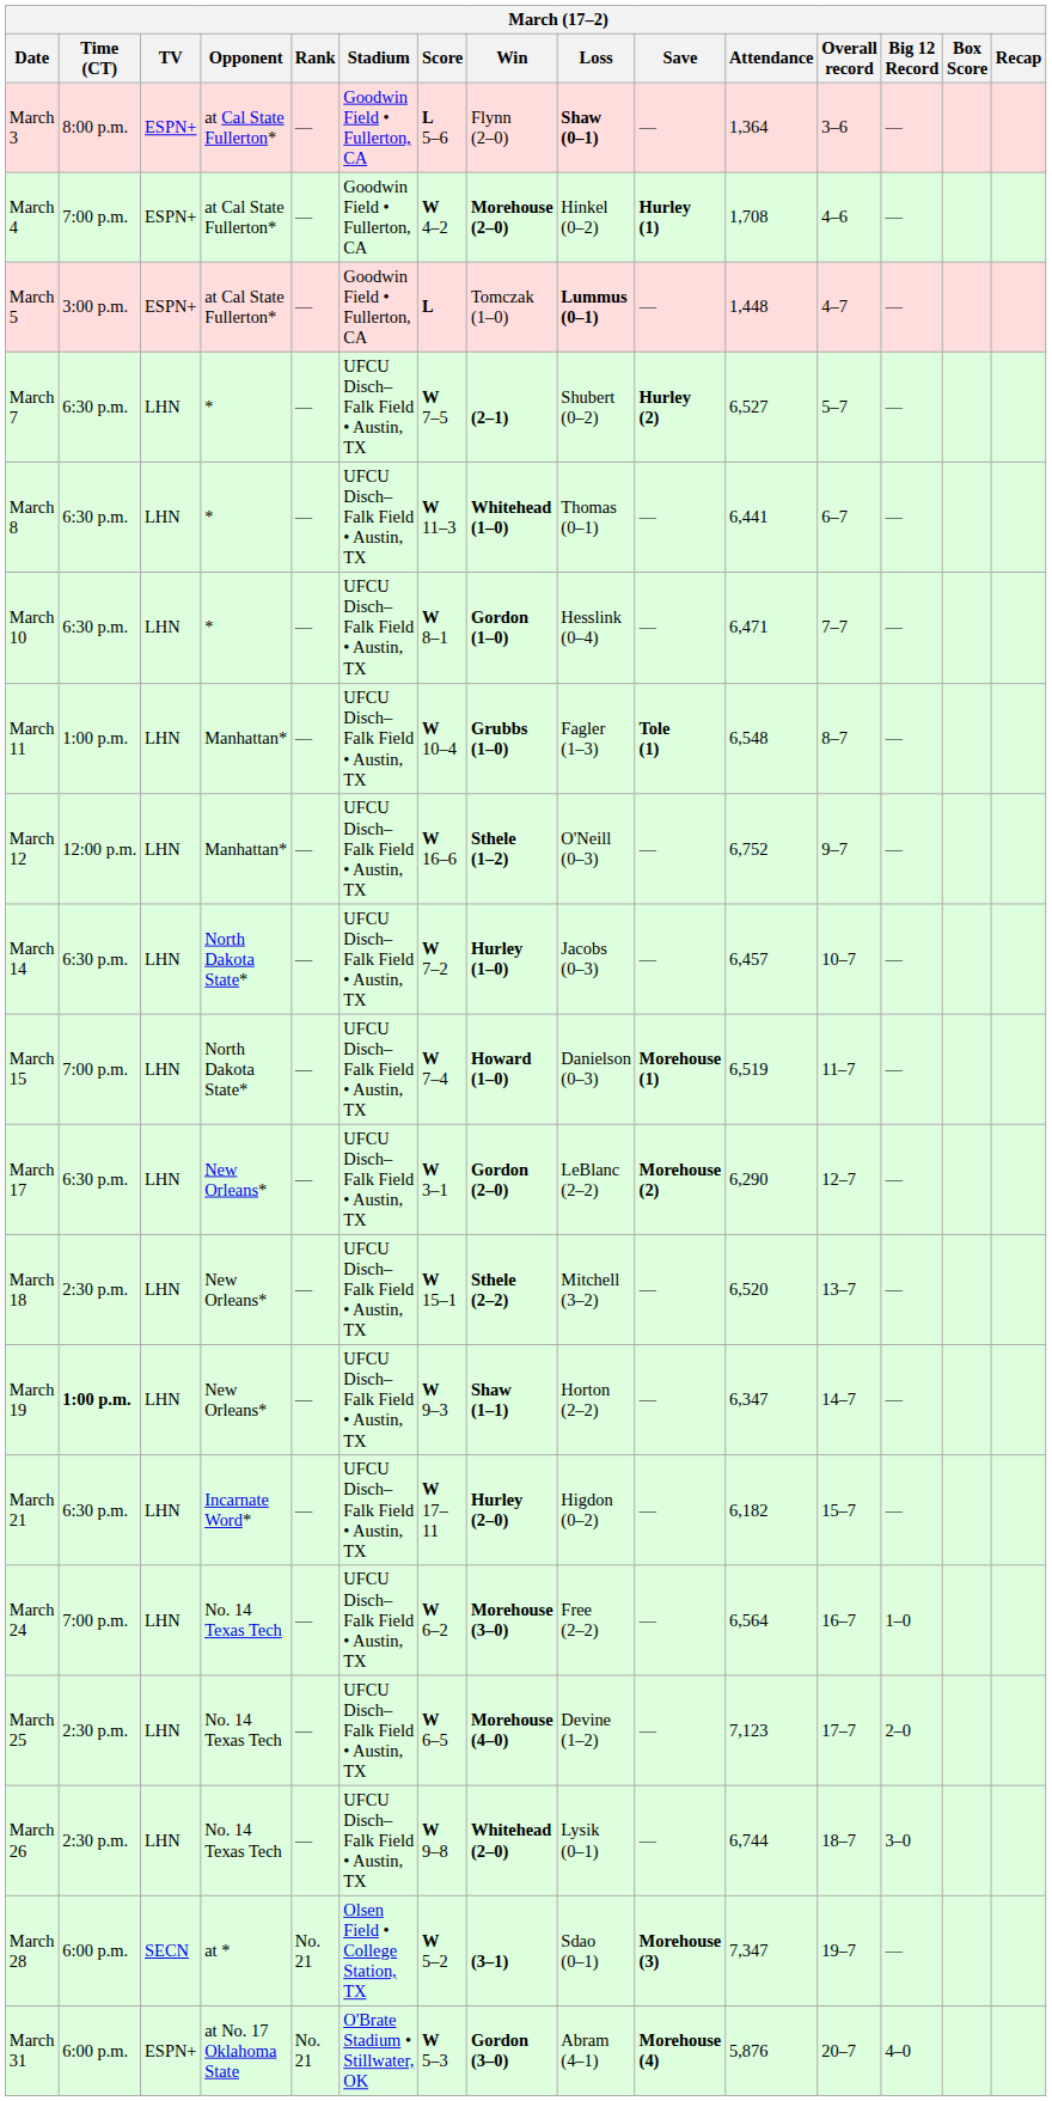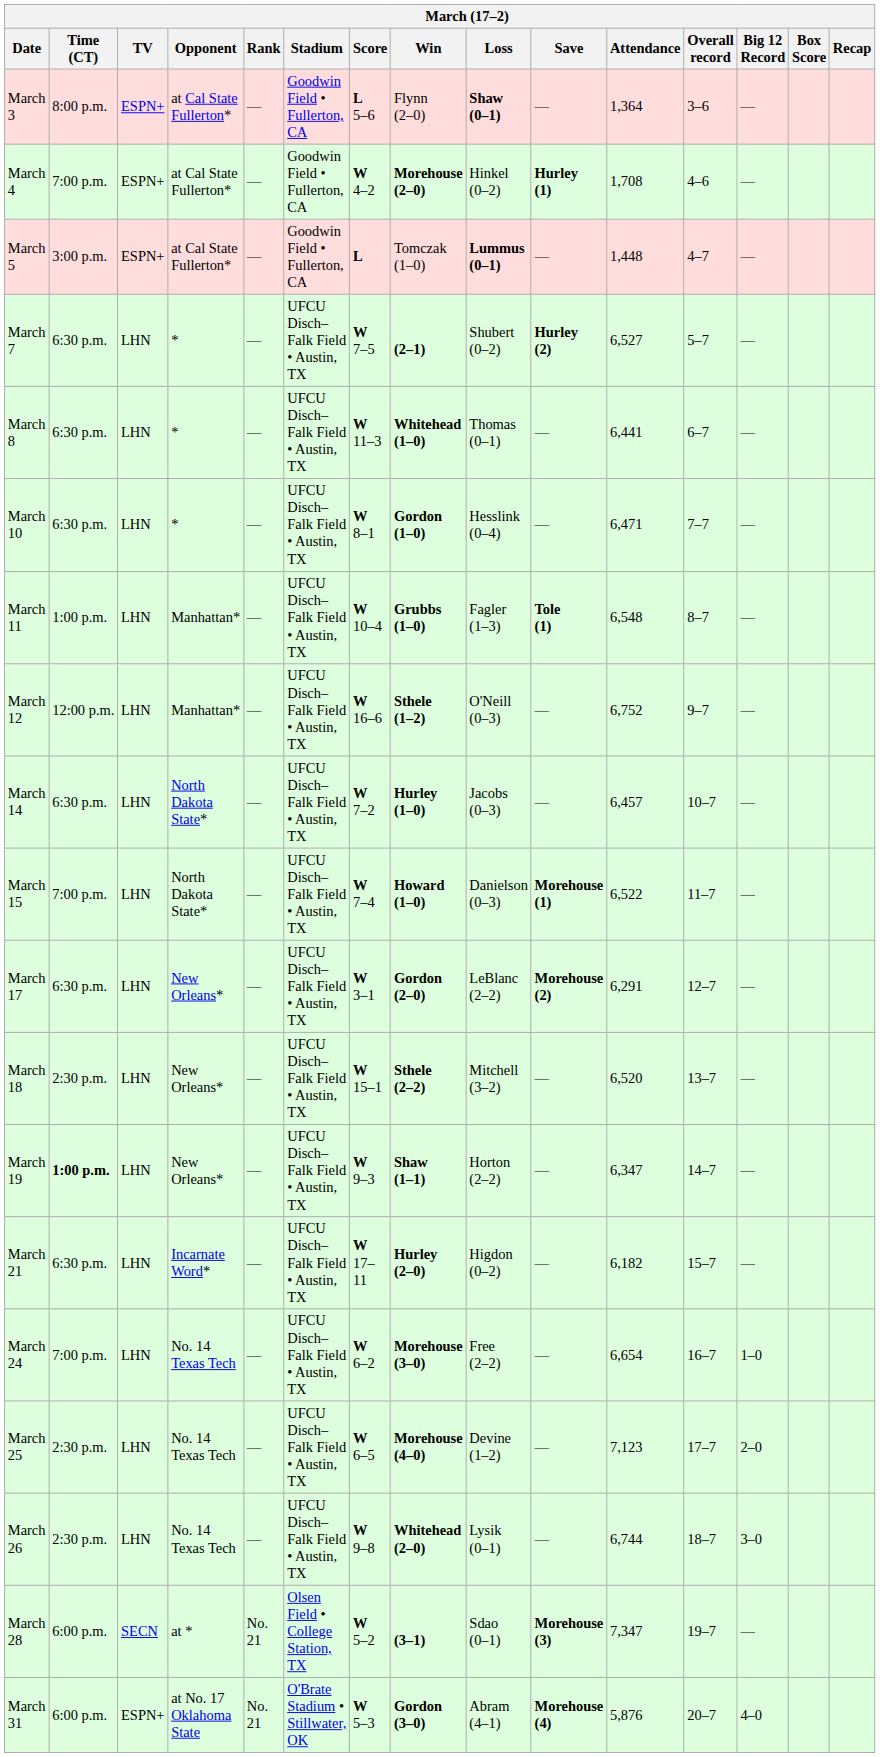 <table class="wikitable collapsible collapsed" style="margin:auto; font-size:95%; width:100%">
 <tr>
 <th colspan=15 style="padding-left:4em;">March (17–2)</th>
 </tr>
 <tr>
 <th>Date</th>
 <th>Time (CT)</th>
 <th>TV</th>
 <th>Opponent</th>
 <th>Rank</th>
 <th>Stadium</th>
 <th>Score</th>
 <th>Win</th>
 <th>Loss</th>
 <th>Save</th>
 <th>Attendance</th>
 <th>Overall record</th>
 <th>Big 12 Record</th>
 <th>Box Score</th>
 <th>Recap</th>
 </tr>
 <tr bgcolor= ffdddd>
 <td>March 3</td>
 <td>8:00 p.m.</td>
 <td><a href='#'>ESPN+</a></td>
 <td>at <a href='#'>Cal State Fullerton</a>*</td>
 <td>—</td>
 <td><a href='#'>Goodwin Field</a> • <a href='#'>Fullerton, CA</a></td>
 <td><strong>L</strong><br>5–6</td>
 <td>Flynn<br>(2–0)</td>
 <td><strong>Shaw<br>(0–1)</strong></td>
 <td>—</td>
 <td>1,364</td>
 <td>3–6</td>
 <td>—</td>
 <td></td>
 <td></td>
 </tr>
 <tr bgcolor= ddffdd>
 <td>March 4</td>
 <td>7:00 p.m.</td>
 <td>ESPN+</td>
 <td>at Cal State Fullerton*</td>
 <td>—</td>
 <td>Goodwin Field • Fullerton, CA</td>
 <td><strong>W</strong><br>4–2</td>
 <td><strong>Morehouse<br>(2–0)</strong></td>
 <td>Hinkel<br>(0–2)</td>
 <td><strong>Hurley<br>(1)</strong></td>
 <td>1,708</td>
 <td>4–6</td>
 <td>—</td>
 <td></td>
 <td></td>
 </tr>
 <tr bgcolor= ffdddd>
 <td>March 5</td>
 <td>3:00 p.m.</td>
 <td>ESPN+</td>
 <td>at Cal State Fullerton*</td>
 <td>—</td>
 <td>Goodwin Field • Fullerton, CA</td>
 <td><strong>L</strong><br></td>
 <td>Tomczak<br>(1–0)</td>
 <td><strong>Lummus<br>(0–1)</strong></td>
 <td>—</td>
 <td>1,448</td>
 <td>4–7</td>
 <td>—</td>
 <td></td>
 <td></td>
 </tr>
 <tr bgcolor= ddffdd>
 <td>March 7</td>
 <td>6:30 p.m.</td>
 <td>LHN</td>
 <td>*</td>
 <td>—</td>
 <td>UFCU Disch–Falk Field • Austin, TX</td>
 <td><strong>W</strong><br>7–5</td>
 <td><strong><br>(2–1)</strong></td>
 <td>Shubert<br>(0–2)</td>
 <td><strong>Hurley<br>(2)</strong></td>
 <td>6,527</td>
 <td>5–7</td>
 <td>—</td>
 <td></td>
 <td></td>
 </tr>
 <tr bgcolor= ddffdd>
 <td>March 8</td>
 <td>6:30 p.m.</td>
 <td>LHN</td>
 <td>*</td>
 <td>—</td>
 <td>UFCU Disch–Falk Field • Austin, TX</td>
 <td><strong>W</strong><br>11–3</td>
 <td><strong>Whitehead<br>(1–0)</strong></td>
 <td>Thomas<br>(0–1)</td>
 <td>—</td>
 <td>6,441</td>
 <td>6–7</td>
 <td>—</td>
 <td></td>
 <td></td>
 </tr>
 <tr bgcolor= ddffdd>
 <td>March 10</td>
 <td>6:30 p.m.</td>
 <td>LHN</td>
 <td>*</td>
 <td>—</td>
 <td>UFCU Disch–Falk Field • Austin, TX</td>
 <td><strong>W</strong><br>8–1</td>
 <td><strong>Gordon<br>(1–0)</strong></td>
 <td>Hesslink<br>(0–4)</td>
 <td>—</td>
 <td>6,471</td>
 <td>7–7</td>
 <td>—</td>
 <td></td>
 <td></td>
 </tr>
 <tr bgcolor= ddffdd>
 <td>March 11</td>
 <td>1:00 p.m.</td>
 <td>LHN</td>
 <td>Manhattan*</td>
 <td>—</td>
 <td>UFCU Disch–Falk Field • Austin, TX</td>
 <td><strong>W</strong><br>10–4</td>
 <td><strong>Grubbs<br>(1–0)</strong></td>
 <td>Fagler<br>(1–3)</td>
 <td><strong>Tole<br>(1)</strong></td>
 <td>6,548</td>
 <td>8–7</td>
 <td>—</td>
 <td></td>
 <td></td>
 </tr>
 <tr bgcolor= ddffdd>
 <td>March 12</td>
 <td>12:00 p.m.</td>
 <td>LHN</td>
 <td>Manhattan*</td>
 <td>—</td>
 <td>UFCU Disch–Falk Field • Austin, TX</td>
 <td><strong>W</strong><br>16–6</td>
 <td><strong>Sthele<br>(1–2)</strong></td>
 <td>O'Neill<br>(0–3)</td>
 <td>—</td>
 <td>6,752</td>
 <td>9–7</td>
 <td>—</td>
 <td></td>
 <td></td>
 </tr>
 <tr bgcolor= ddffdd>
 <td>March 14</td>
 <td>6:30 p.m.</td>
 <td>LHN</td>
 <td><a href='#'>North Dakota State</a>*</td>
 <td>—</td>
 <td>UFCU Disch–Falk Field • Austin, TX</td>
 <td><strong>W</strong><br>7–2</td>
 <td><strong>Hurley<br>(1–0)</strong></td>
 <td>Jacobs<br>(0–3)</td>
 <td>—</td>
 <td>6,457</td>
 <td>10–7</td>
 <td>—</td>
 <td></td>
 <td></td>
 </tr>
 <tr bgcolor= ddffdd>
 <td>March 15</td>
 <td>7:00 p.m.</td>
 <td>LHN</td>
 <td>North Dakota State*</td>
 <td>—</td>
 <td>UFCU Disch–Falk Field • Austin, TX</td>
 <td><strong>W</strong><br>7–4</td>
 <td><strong>Howard<br>(1–0)</strong></td>
 <td>Danielson<br>(0–3)</td>
 <td><strong>Morehouse<br>(1)</strong></td>
-<td>6,519</td>
+<td>6,522</td>
 <td>11–7</td>
 <td>—</td>
 <td></td>
 <td></td>
 </tr>
 <tr bgcolor= ddffdd>
 <td>March 17</td>
 <td>6:30 p.m.</td>
 <td>LHN</td>
 <td><a href='#'>New Orleans</a>*</td>
 <td>—</td>
 <td>UFCU Disch–Falk Field • Austin, TX</td>
 <td><strong>W</strong><br>3–1</td>
 <td><strong>Gordon<br>(2–0)</strong></td>
 <td>LeBlanc<br>(2–2)</td>
 <td><strong>Morehouse<br>(2)</strong></td>
-<td>6,290</td>
+<td>6,291</td>
 <td>12–7</td>
 <td>—</td>
 <td></td>
 <td></td>
 </tr>
 <tr bgcolor= ddffdd>
 <td>March 18</td>
 <td>2:30 p.m.</td>
 <td>LHN</td>
 <td>New Orleans*</td>
 <td>—</td>
 <td>UFCU Disch–Falk Field • Austin, TX</td>
 <td><strong>W</strong><br>15–1</td>
 <td><strong>Sthele<br>(2–2)</strong></td>
 <td>Mitchell<br>(3–2)</td>
 <td>—</td>
 <td>6,520</td>
 <td>13–7</td>
 <td>—</td>
 <td></td>
 <td></td>
 </tr>
 <tr bgcolor= ddffdd>
 <td>March 19</td>
 <td><strong>1:00 p.m.</strong></td>
 <td>LHN</td>
 <td>New Orleans*</td>
 <td>—</td>
 <td>UFCU Disch–Falk Field • Austin, TX</td>
 <td><strong>W</strong><br>9–3</td>
 <td><strong>Shaw<br>(1–1)</strong></td>
 <td>Horton<br>(2–2)</td>
 <td>—</td>
 <td>6,347</td>
 <td>14–7</td>
 <td>—</td>
 <td></td>
 <td></td>
 </tr>
 <tr bgcolor= ddffdd>
 <td>March 21</td>
 <td>6:30 p.m.</td>
 <td>LHN</td>
 <td><a href='#'>Incarnate Word</a>*</td>
 <td>—</td>
 <td>UFCU Disch–Falk Field • Austin, TX</td>
 <td><strong>W</strong><br>17–11</td>
 <td><strong>Hurley<br>(2–0)</strong></td>
 <td>Higdon<br>(0–2)</td>
 <td>—</td>
 <td>6,182</td>
 <td>15–7</td>
 <td>—</td>
 <td></td>
 <td></td>
 </tr>
 <tr bgcolor= ddffdd>
 <td>March 24</td>
 <td>7:00 p.m.</td>
 <td>LHN</td>
 <td>No. 14 <a href='#'>Texas Tech</a></td>
 <td>—</td>
 <td>UFCU Disch–Falk Field • Austin, TX</td>
 <td><strong>W</strong><br>6–2</td>
 <td><strong>Morehouse<br>(3–0)</strong></td>
 <td>Free<br>(2–2)</td>
 <td>—</td>
-<td>6,564</td>
+<td>6,654</td>
 <td>16–7</td>
 <td>1–0</td>
 <td></td>
 <td></td>
 </tr>
 <tr bgcolor= ddffdd>
 <td>March 25</td>
 <td>2:30 p.m.</td>
 <td>LHN</td>
 <td>No. 14 Texas Tech</td>
 <td>—</td>
 <td>UFCU Disch–Falk Field • Austin, TX</td>
 <td><strong>W</strong><br>6–5</td>
 <td><strong>Morehouse<br>(4–0)</strong></td>
 <td>Devine<br>(1–2)</td>
 <td>—</td>
 <td>7,123</td>
 <td>17–7</td>
 <td>2–0</td>
 <td></td>
 <td></td>
 </tr>
 <tr bgcolor= ddffdd>
 <td>March 26</td>
 <td>2:30 p.m.</td>
 <td>LHN</td>
 <td>No. 14 Texas Tech</td>
 <td>—</td>
 <td>UFCU Disch–Falk Field • Austin, TX</td>
 <td><strong>W</strong><br>9–8</td>
 <td><strong>Whitehead<br>(2–0)</strong></td>
 <td>Lysik<br>(0–1)</td>
 <td>—</td>
 <td>6,744</td>
 <td>18–7</td>
 <td>3–0</td>
 <td></td>
 <td></td>
 </tr>
 <tr bgcolor= ddffdd>
 <td>March 28</td>
 <td>6:00 p.m.</td>
 <td><a href='#'>SECN</a></td>
 <td>at *<br><em></em></td>
 <td>No. 21</td>
 <td><a href='#'>Olsen Field</a> • <a href='#'>College Station, TX</a></td>
 <td><strong>W</strong><br>5–2</td>
 <td><strong><br>(3–1)</strong></td>
 <td>Sdao<br>(0–1)</td>
 <td><strong>Morehouse<br>(3)</strong></td>
 <td>7,347</td>
 <td>19–7</td>
 <td>—</td>
 <td></td>
 <td></td>
 </tr>
 <tr bgcolor= ddffdd>
 <td>March 31</td>
 <td>6:00 p.m.</td>
 <td>ESPN+</td>
 <td>at No. 17 <a href='#'>Oklahoma State</a></td>
 <td>No. 21</td>
 <td><a href='#'>O'Brate Stadium</a> • <a href='#'>Stillwater, OK</a></td>
 <td><strong>W</strong><br>5–3</td>
 <td><strong>Gordon<br>(3–0)</strong></td>
 <td>Abram<br>(4–1)</td>
 <td><strong>Morehouse<br>(4)</strong></td>
 <td>5,876</td>
 <td>20–7</td>
 <td>4–0</td>
 <td></td>
 <td></td>
 </tr>
 </table>
